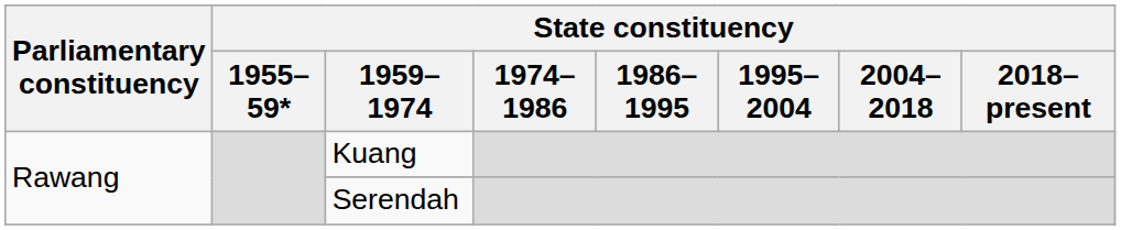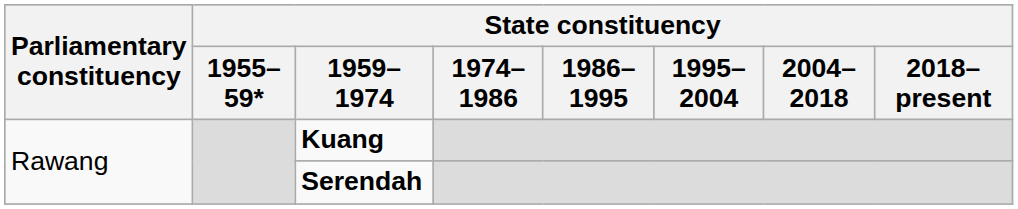 <table class="wikitable">
 <tr>
 <th rowspan="2">Parliamentary<br>constituency</th>
 <th colspan="7">State constituency</th>
 </tr>
 <tr>
 <th>1955–59*</th>
 <th>1959–1974</th>
 <th>1974–1986</th>
 <th>1986–1995</th>
 <th>1995–2004</th>
 <th>2004–2018</th>
 <th>2018–present</th>
 </tr>
 <tr>
 <td rowspan="2">Rawang</td>
 <td rowspan="2" bgcolor="dcdcdc"></td>
-<td>Kuang</td>
+<td><strong>Kuang</strong></td>
 <td colspan="5" bgcolor="dcdcdc"></td>
 </tr>
 <tr>
-<td>Serendah</td>
+<td><strong>Serendah</strong></td>
 <td colspan="5" bgcolor="dcdcdc"></td>
 </tr>
 </table>
